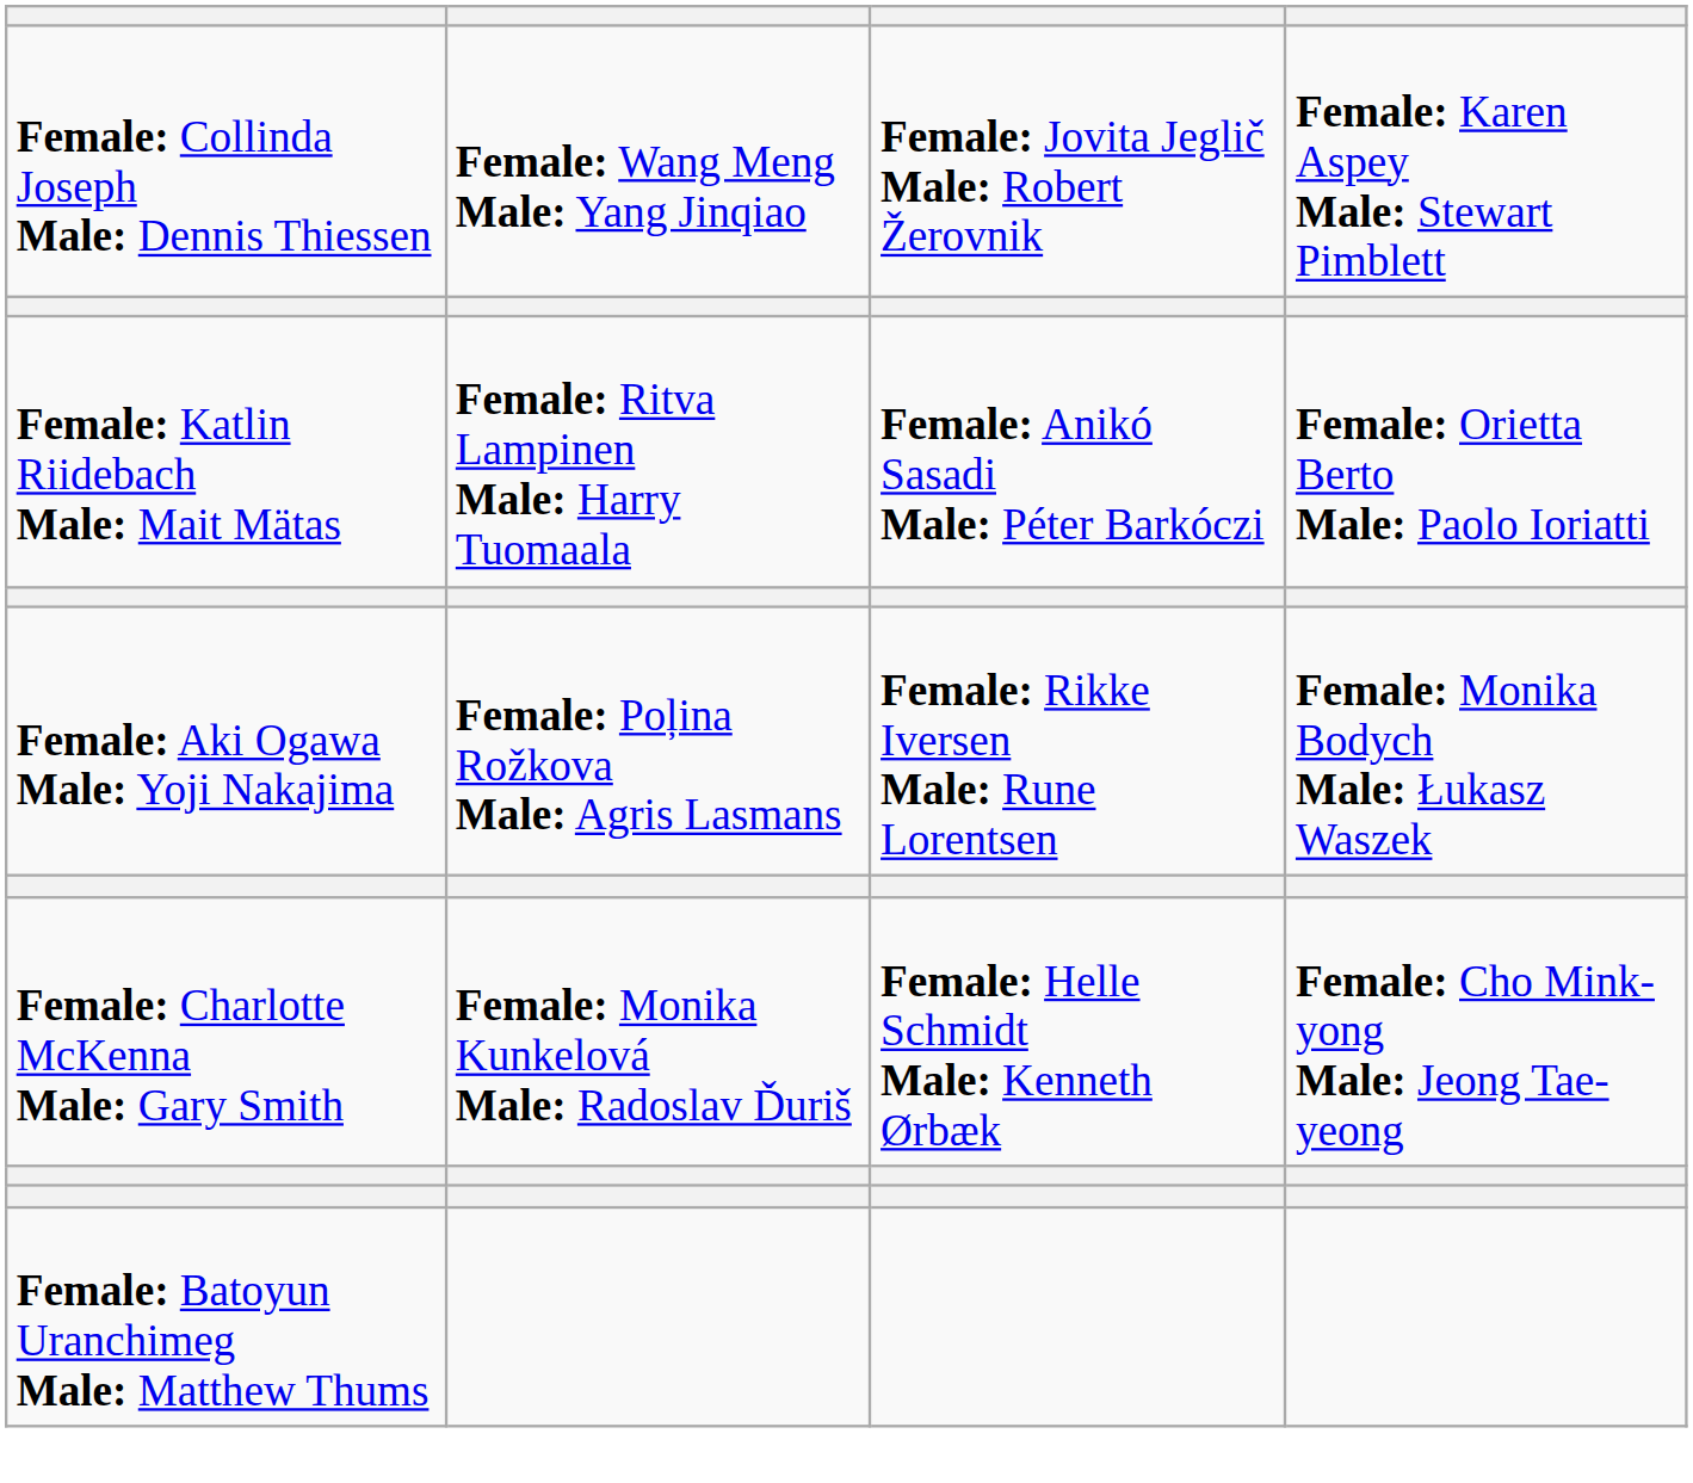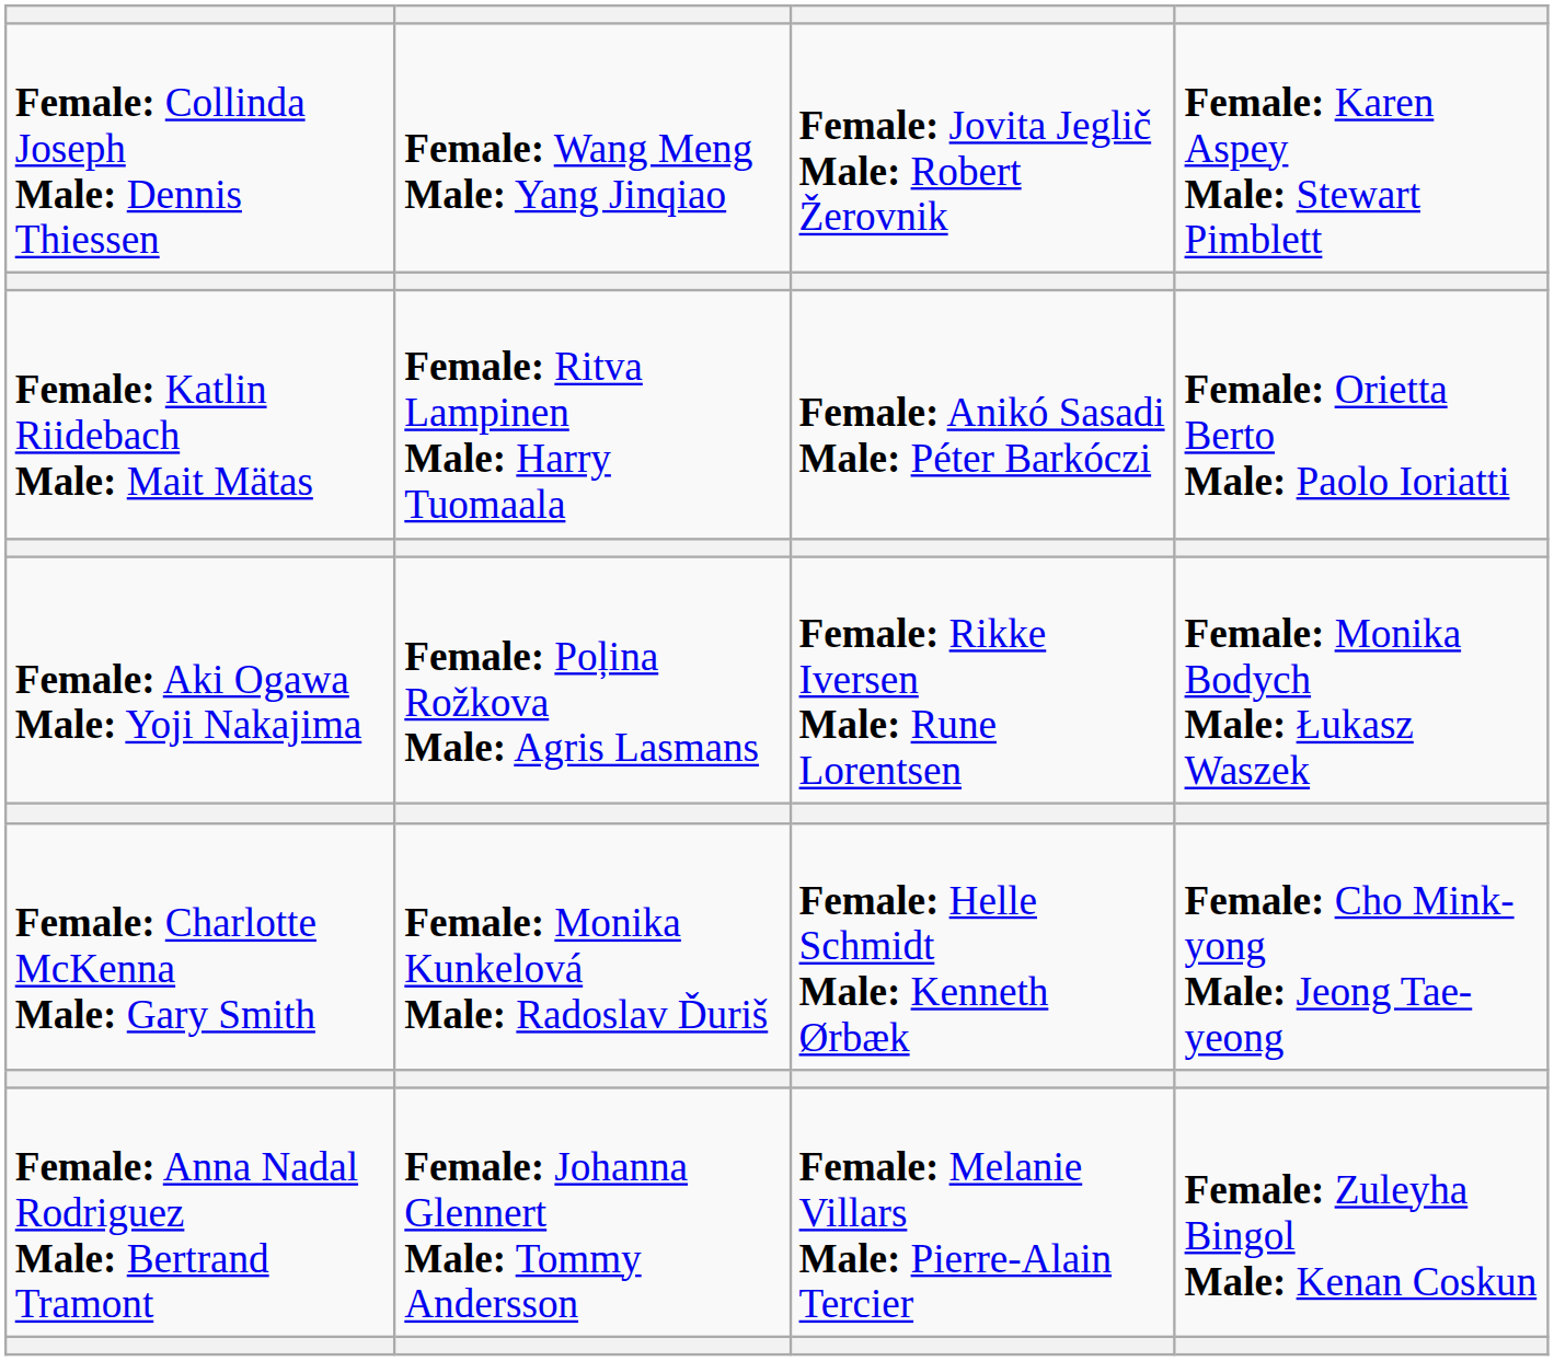 <table class="wikitable">
 <tr>
 <th width=250></th>
 <th width=250></th>
 <th width=250></th>
 <th width=250></th>
 </tr>
 <tr>
 <td><br><strong>Female:</strong> <a href='#'>Collinda Joseph</a><br> <strong>Male:</strong> <a href='#'>Dennis Thiessen</a></td>
 <td><br><strong>Female:</strong> <a href='#'>Wang Meng</a><br> <strong>Male:</strong> <a href='#'>Yang Jinqiao</a></td>
 <td><br><strong>Female:</strong> <a href='#'>Jovita Jeglič</a><br> <strong>Male:</strong> <a href='#'>Robert Žerovnik</a></td>
 <td><br><strong>Female:</strong> <a href='#'>Karen Aspey</a><br> <strong>Male:</strong> <a href='#'>Stewart Pimblett</a></td>
 </tr>
 <tr>
 <th width=250></th>
 <th width=250></th>
 <th width=250></th>
 <th width=250></th>
 </tr>
 <tr>
 <td><br><strong>Female:</strong> <a href='#'>Katlin Riidebach</a><br> <strong>Male:</strong> <a href='#'>Mait Mätas</a></td>
 <td><br><strong>Female:</strong> <a href='#'>Ritva Lampinen</a><br> <strong>Male:</strong> <a href='#'>Harry Tuomaala</a></td>
 <td><br><strong>Female:</strong> <a href='#'>Anikó Sasadi</a><br> <strong>Male:</strong> <a href='#'>Péter Barkóczi</a></td>
 <td><br><strong>Female:</strong> <a href='#'>Orietta Berto</a><br> <strong>Male:</strong> <a href='#'>Paolo Ioriatti</a></td>
 </tr>
 <tr>
 <th width=250></th>
 <th width=250></th>
 <th width=250></th>
 <th width=250></th>
 </tr>
 <tr>
 <td><br><strong>Female:</strong> <a href='#'>Aki Ogawa</a><br> <strong>Male:</strong> <a href='#'>Yoji Nakajima</a></td>
 <td><br><strong>Female:</strong> <a href='#'>Poļina Rožkova</a><br> <strong>Male:</strong> <a href='#'>Agris Lasmans</a></td>
 <td><br><strong>Female:</strong> <a href='#'>Rikke Iversen</a><br> <strong>Male:</strong> <a href='#'>Rune Lorentsen</a></td>
 <td><br><strong>Female:</strong> <a href='#'>Monika Bodych</a><br> <strong>Male:</strong> <a href='#'>Łukasz Waszek</a></td>
 </tr>
 <tr>
 <th width=250></th>
 <th width=250></th>
 <th width=250></th>
 <th width=250></th>
 </tr>
 <tr>
 <td><br><strong>Female:</strong> <a href='#'>Charlotte McKenna</a><br> <strong>Male:</strong> <a href='#'>Gary Smith</a></td>
 <td><br><strong>Female:</strong> <a href='#'>Monika Kunkelová</a><br> <strong>Male:</strong> <a href='#'>Radoslav Ďuriš</a></td>
 <td><br><strong>Female:</strong> <a href='#'>Helle Schmidt</a><br> <strong>Male:</strong> <a href='#'>Kenneth Ørbæk</a></td>
 <td><br><strong>Female:</strong> <a href='#'>Cho Mink-yong</a><br> <strong>Male:</strong> <a href='#'>Jeong Tae-yeong</a></td>
 </tr>
 <tr>
 <th width=250></th>
 <th width=250></th>
 <th width=250></th>
 <th width=250></th>
 </tr>
 <tr>
+<td><br><strong>Female:</strong> <a href='#'>Anna Nadal Rodriguez</a><br> <strong>Male:</strong> <a href='#'>Bertrand Tramont</a></td>
+<td><br><strong>Female:</strong> <a href='#'>Johanna Glennert</a><br> <strong>Male:</strong> <a href='#'>Tommy Andersson</a></td>
+<td><br><strong>Female:</strong> <a href='#'>Melanie Villars</a><br> <strong>Male:</strong> <a href='#'>Pierre-Alain Tercier</a></td>
+<td><br><strong>Female:</strong> <a href='#'>Zuleyha Bingol</a><br> <strong>Male:</strong> <a href='#'>Kenan Coskun</a></td>
+</tr>
+<tr>
 <th width=250></th>
 <th width=250></th>
 <th width=250></th>
 <th width=250></th>
 </tr>
-<tr>
-<td><br><strong>Female:</strong> <a href='#'>Batoyun Uranchimeg</a><br> <strong>Male:</strong> <a href='#'>Matthew Thums</a></td>
-<td></td>
-<td></td>
-<td></td>
-</tr>
 </table>
